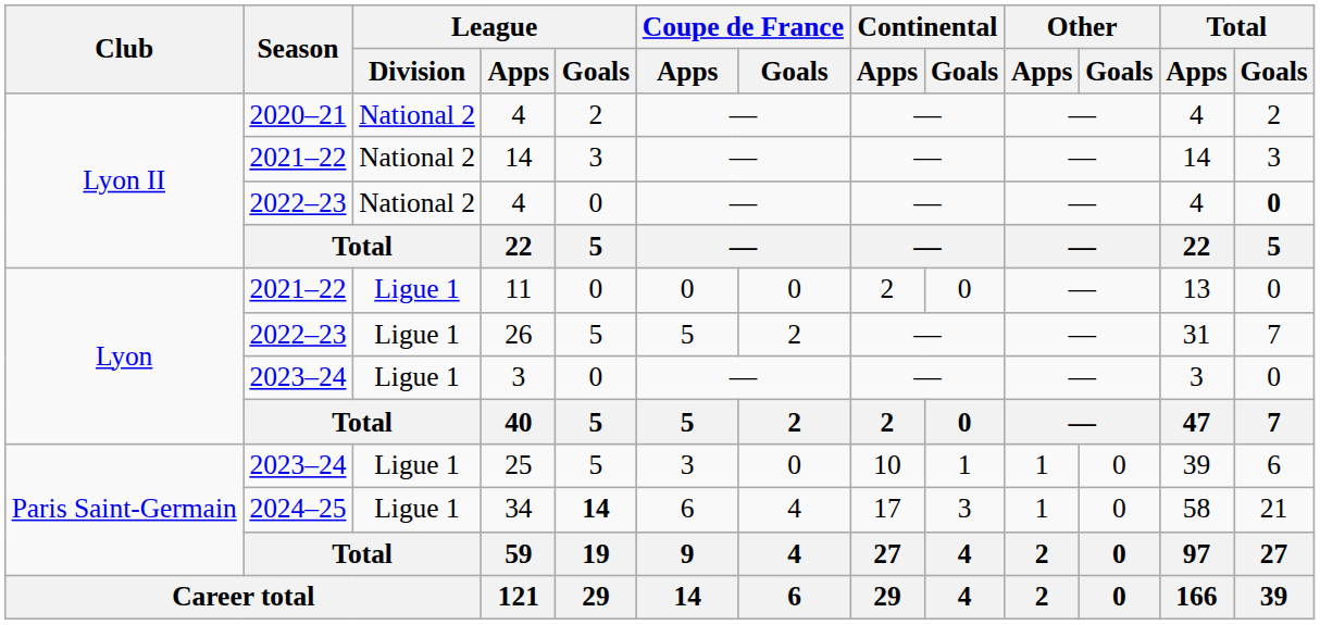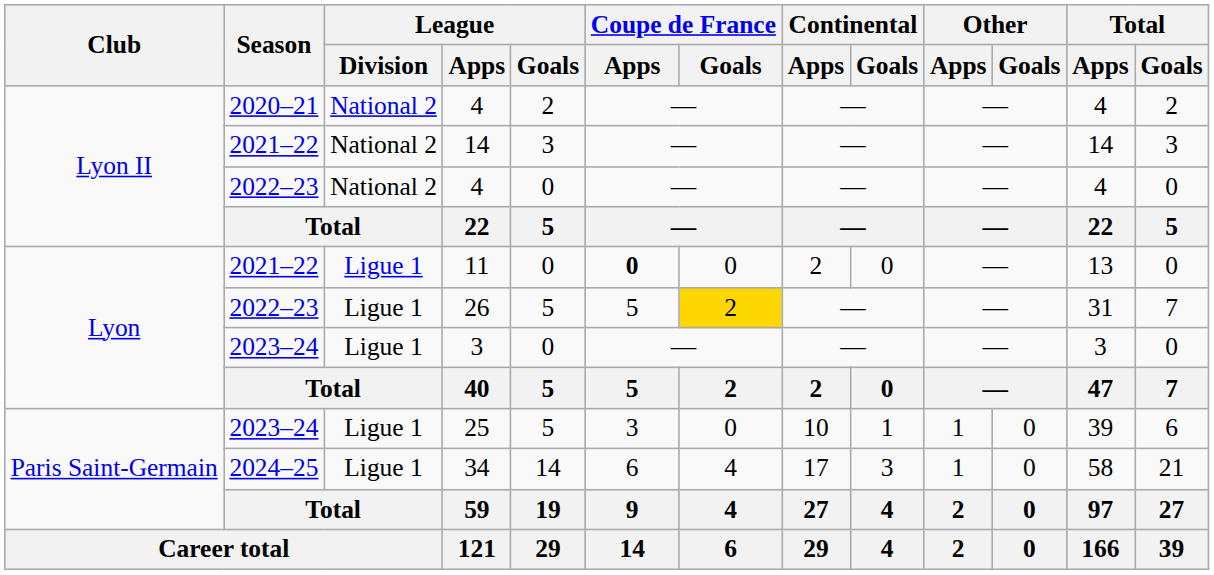 <table class="wikitable" style="text-align: center;">
 <tr>
 <th rowspan="2">Club</th>
 <th rowspan="2">Season</th>
 <th colspan="3">League</th>
 <th colspan="2"><a href='#'>Coupe de France</a></th>
 <th colspan="2">Continental</th>
 <th colspan="2">Other</th>
 <th colspan="2">Total</th>
 </tr>
 <tr>
 <th>Division</th>
 <th>Apps</th>
 <th>Goals</th>
 <th>Apps</th>
 <th>Goals</th>
 <th>Apps</th>
 <th>Goals</th>
 <th>Apps</th>
 <th>Goals</th>
 <th>Apps</th>
 <th>Goals</th>
 </tr>
 <tr>
 <td rowspan="4"><a href='#'>Lyon II</a></td>
 <td><a href='#'>2020–21</a></td>
 <td><a href='#'>National 2</a></td>
 <td>4</td>
 <td>2</td>
 <td colspan="2">—</td>
 <td colspan="2">—</td>
 <td colspan="2">—</td>
 <td>4</td>
 <td>2</td>
 </tr>
 <tr>
 <td><a href='#'>2021–22</a></td>
 <td>National 2</td>
 <td>14</td>
 <td>3</td>
 <td colspan="2">—</td>
 <td colspan="2">—</td>
 <td colspan="2">—</td>
 <td>14</td>
 <td>3</td>
 </tr>
 <tr>
 <td><a href='#'>2022–23</a></td>
 <td>National 2</td>
 <td>4</td>
 <td>0</td>
 <td colspan="2">—</td>
 <td colspan="2">—</td>
 <td colspan="2">—</td>
 <td>4</td>
-<td><strong>0</strong></td>
+<td>0</td>
 </tr>
 <tr>
 <th colspan="2">Total</th>
 <th>22</th>
 <th>5</th>
 <th colspan="2">—</th>
 <th colspan="2">—</th>
 <th colspan="2">—</th>
 <th>22</th>
 <th>5</th>
 </tr>
 <tr>
 <td rowspan="4"><a href='#'>Lyon</a></td>
 <td><a href='#'>2021–22</a></td>
 <td><a href='#'>Ligue 1</a></td>
 <td>11</td>
 <td>0</td>
-<td>0</td>
+<td><strong>0</strong></td>
 <td>0</td>
 <td>2</td>
 <td>0</td>
 <td colspan="2">—</td>
 <td>13</td>
 <td>0</td>
 </tr>
 <tr>
 <td><a href='#'>2022–23</a></td>
 <td>Ligue 1</td>
 <td>26</td>
 <td>5</td>
 <td>5</td>
-<td>2</td>
+<td style="background: gold;">2</td>
 <td colspan="2">—</td>
 <td colspan="2">—</td>
 <td>31</td>
 <td>7</td>
 </tr>
 <tr>
 <td><a href='#'>2023–24</a></td>
 <td>Ligue 1</td>
 <td>3</td>
 <td>0</td>
 <td colspan="2">—</td>
 <td colspan="2">—</td>
 <td colspan="2">—</td>
 <td>3</td>
 <td>0</td>
 </tr>
 <tr>
 <th colspan="2">Total</th>
 <th>40</th>
 <th>5</th>
 <th>5</th>
 <th>2</th>
 <th>2</th>
 <th>0</th>
 <th colspan="2">—</th>
 <th>47</th>
 <th>7</th>
 </tr>
 <tr>
 <td rowspan="3"><a href='#'>Paris Saint-Germain</a></td>
 <td><a href='#'>2023–24</a></td>
 <td>Ligue 1</td>
 <td>25</td>
 <td>5</td>
 <td>3</td>
 <td>0</td>
 <td>10</td>
 <td>1</td>
 <td>1</td>
 <td>0</td>
 <td>39</td>
 <td>6</td>
 </tr>
 <tr>
 <td><a href='#'>2024–25</a></td>
 <td>Ligue 1</td>
 <td>34</td>
-<td><strong>14</strong></td>
+<td>14</td>
 <td>6</td>
 <td>4</td>
 <td>17</td>
 <td>3</td>
 <td>1</td>
 <td>0</td>
 <td>58</td>
 <td>21</td>
 </tr>
 <tr>
 <th colspan="2">Total</th>
 <th>59</th>
 <th>19</th>
 <th>9</th>
 <th>4</th>
 <th>27</th>
 <th>4</th>
 <th>2</th>
 <th>0</th>
 <th>97</th>
 <th>27</th>
 </tr>
 <tr>
 <th colspan="3">Career total</th>
 <th>121</th>
 <th>29</th>
 <th>14</th>
 <th>6</th>
 <th>29</th>
 <th>4</th>
 <th>2</th>
 <th>0</th>
 <th>166</th>
 <th>39</th>
 </tr>
 </table>
